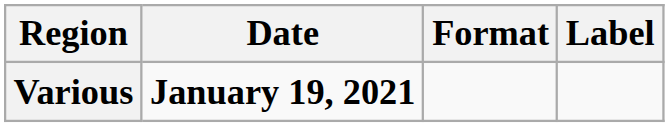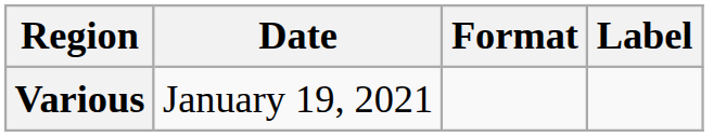 <table class="wikitable plainrowheaders">
 <tr>
 <th scope="col">Region</th>
 <th scope="col">Date</th>
 <th scope="col">Format</th>
 <th scope="col">Label</th>
 </tr>
 <tr>
 <th scope="row" rowspan="2">Various</th>
-<td><strong>January 19, 2021</strong></td>
+<td>January 19, 2021</td>
 <td rowspan="1"></td>
 <td></td>
 </tr>
 </table>
